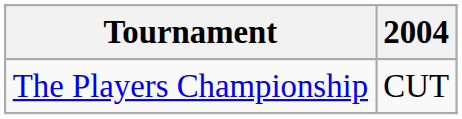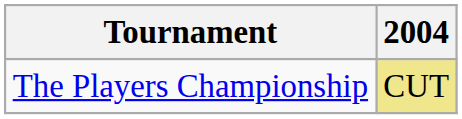 <table class="wikitable" style="font-size:95%;text-align:center;">
 <tr>
 <th>Tournament</th>
 <th>2004</th>
 </tr>
 <tr>
 <td align=left><a href='#'>The Players Championship</a></td>
-<td>CUT</td>
+<td style="background: khaki;">CUT</td>
 </tr>
 </table>
